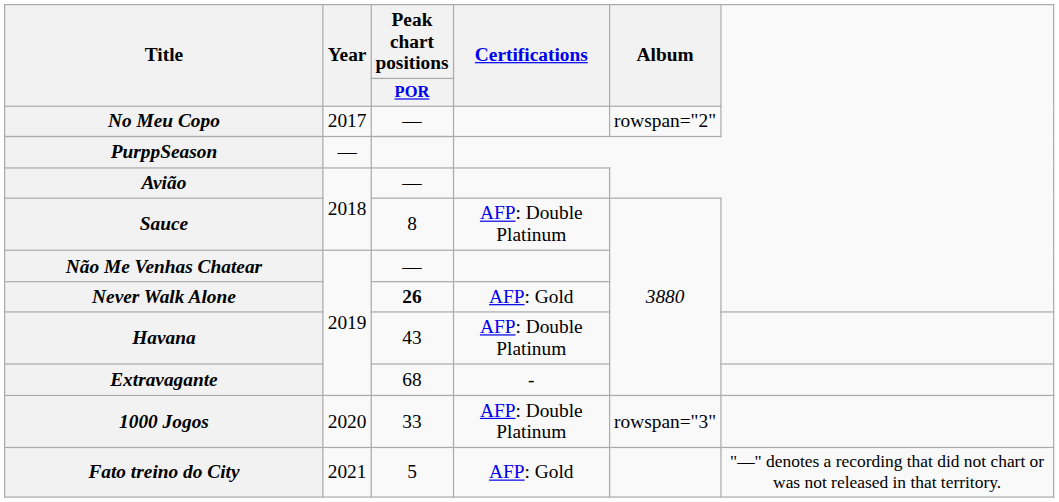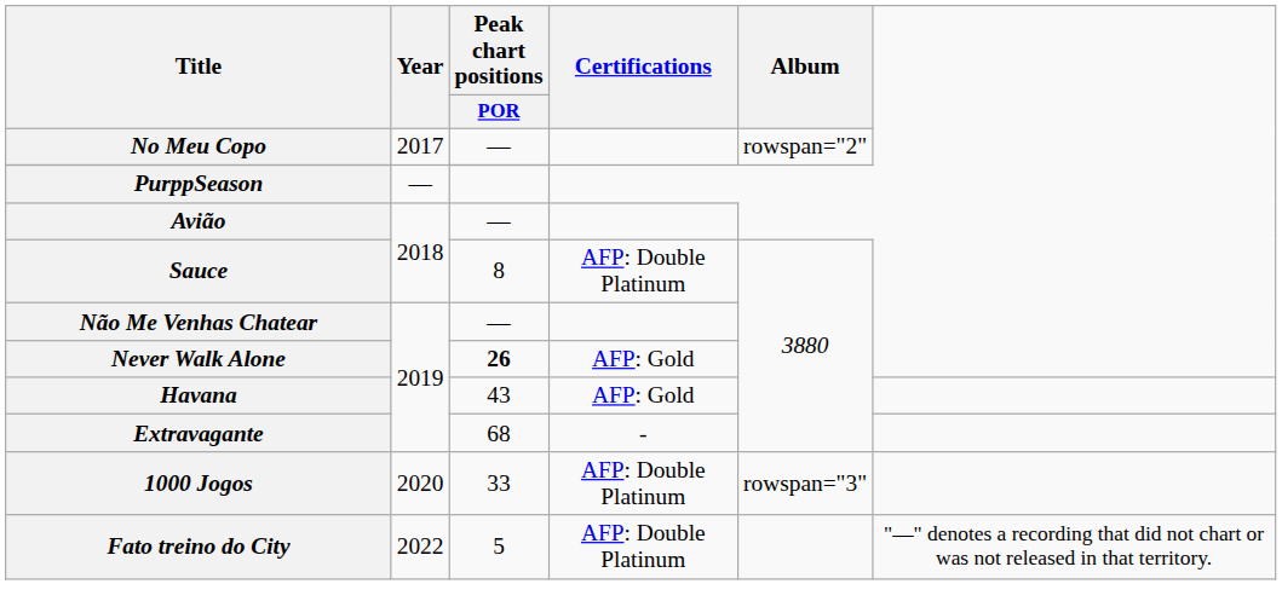 <table class="wikitable plainrowheaders" style="text-align:center;" border="1">
 <tr>
 <th rowspan="2" scope="col" style="width:16em;">Title</th>
 <th rowspan="2" scope="col">Year</th>
 <th scope="col">Peak chart positions</th>
 <th rowspan="2" scope="col"><a href='#'>Certifications</a></th>
 <th rowspan="2" scope="col">Album</th>
 </tr>
 <tr>
 <th scope="col" style="width:3em;font-size:85%;"><a href='#'>POR</a><br></th>
 </tr>
 <tr>
 <th scope="row"><em>No Meu Copo</em></th>
 <td rowspan="2">2017</td>
 <td>—</td>
 <td></td>
 <td>rowspan="2" <em></em></td>
 </tr>
 <tr>
 </tr>
 <tr>
 <th scope="row"><em>PurppSeason</em></th>
 <td>—</td>
 <td></td>
 </tr>
 <tr>
 <th scope="row"><em>Avião</em></th>
 <td rowspan="2">2018</td>
 <td>—</td>
 <td></td>
 </tr>
 <tr>
 <th scope="row"><em>Sauce</em></th>
 <td>8</td>
 <td><a href='#'>AFP</a>: Double Platinum</td>
 <td rowspan="5"><em>3880</em></td>
 </tr>
 <tr>
 <th scope="row"><em>Não Me Venhas Chatear</em></th>
 <td rowspan="4">2019</td>
 <td>—</td>
 <td></td>
 </tr>
 <tr>
 <th scope="row"><em>Never Walk Alone</em></th>
 <td><strong>26</strong></td>
 <td><a href='#'>AFP</a>: Gold</td>
 </tr>
 <tr>
 <th scope="row"><em>Havana</em><br></th>
 <td>43</td>
-<td><a href='#'>AFP</a>: Double Platinum</td>
+<td><a href='#'>AFP</a>: Gold</td>
 <td></td>
 </tr>
 <tr>
 <th scope="row"><em>Extravagante</em></th>
 <td>68</td>
 <td>-</td>
 <td></td>
 </tr>
 <tr>
 <th scope="row"><em>1000 Jogos</em></th>
 <td>2020</td>
 <td>33</td>
 <td><a href='#'>AFP</a>: Double Platinum</td>
 <td>rowspan="3" <em></em></td>
 </tr>
 <tr>
 <th scope="row"><em>Fato treino do City</em></th>
-<td>2021</td>
+<td>2022</td>
 <td>5</td>
-<td><a href='#'>AFP</a>: Gold</td>
+<td><a href='#'>AFP</a>: Double Platinum</td>
 <td></td>
 <td colspan="5" style="font-size:90%">"—" denotes a recording that did not chart or was not released in that territory.</td>
 </tr>
 </table>
